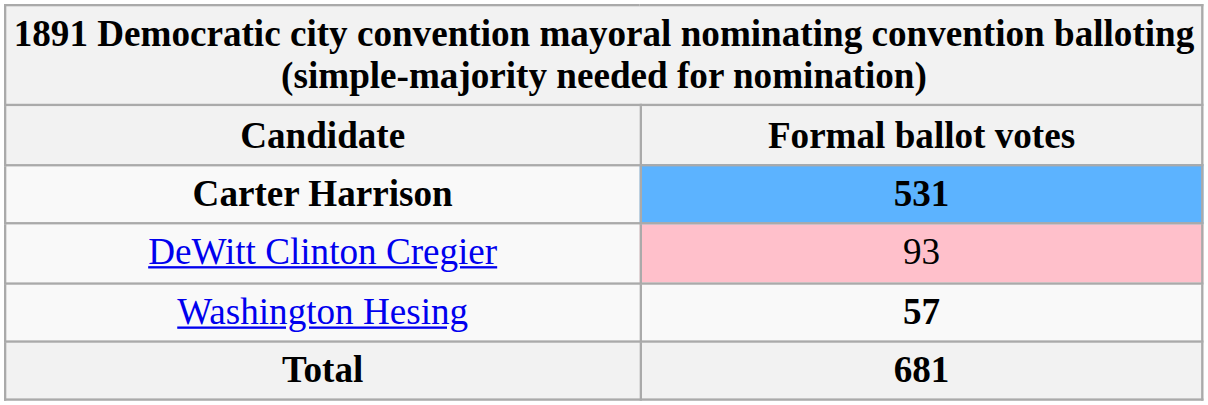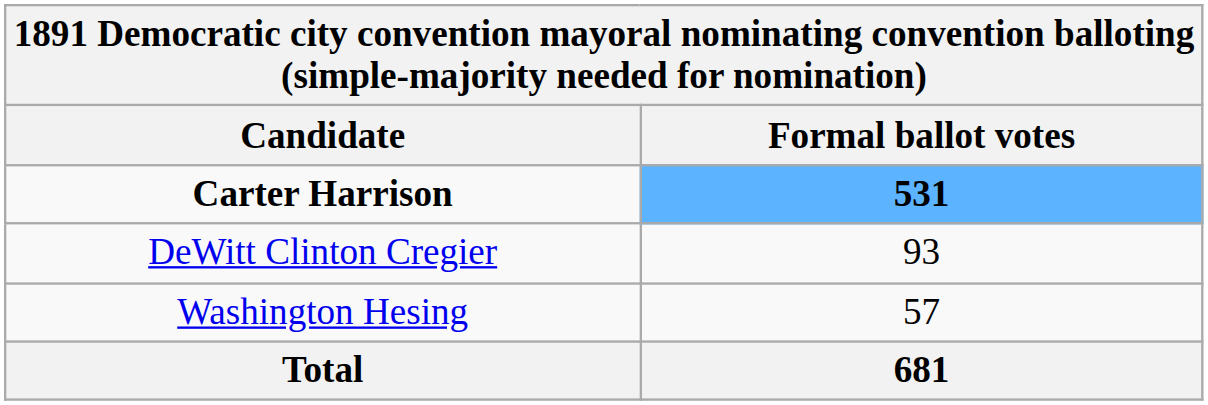 <table class="wikitable sortable" style="text-align:center">
 <tr>
 <th colspan="8"><strong>1891 Democratic city convention mayoral nominating convention balloting<br>(simple-majority needed for nomination)</strong></th>
 </tr>
 <tr>
 <th>Candidate</th>
 <th>Formal ballot votes</th>
 </tr>
 <tr>
 <td><strong>Carter Harrison</strong></td>
 <td style="background:#5cb3ff"><strong>531</strong></td>
 </tr>
 <tr>
 <td><a href='#'>DeWitt Clinton Cregier</a></td>
-<td style="background: pink;">93</td>
+<td>93</td>
 </tr>
 <tr>
 <td><a href='#'>Washington Hesing</a></td>
-<td><strong>57</strong></td>
+<td>57</td>
 </tr>
 <tr>
 <th>Total</th>
 <th>681</th>
 </tr>
 </table>
